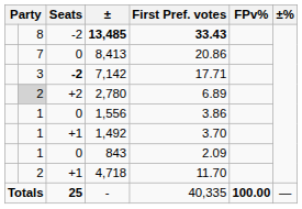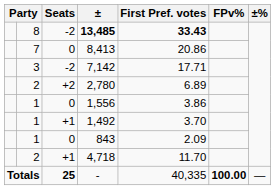 <table class=wikitable>
 <tr>
 <th colspan=2 align=center>Party</th>
 <th valign=top>Seats</th>
 <th valign=top>±</th>
 <th valign=top>First Pref. votes</th>
 <th valign=top>FPv%</th>
 <th valign=top>±%</th>
 </tr>
 <tr>
 <td></td>
 <td align=right>8</td>
 <td align=right>-2</td>
 <td align=right><strong>13,485</strong></td>
 <td align=right><strong>33.43</strong></td>
 <td align=right></td>
 </tr>
 <tr>
 <td></td>
 <td align=right>7</td>
 <td align=right>0</td>
 <td align=right>8,413</td>
 <td align=right>20.86</td>
 <td align=right></td>
 </tr>
 <tr>
 <td></td>
 <td align=right>3</td>
-<td align=right><strong>-2</strong></td>
+<td align=right>-2</td>
 <td align=right>7,142</td>
 <td align=right>17.71</td>
 <td align=right></td>
 </tr>
 <tr>
 <td></td>
-<td align=right style="background: lightgrey;">2</td>
+<td align=right>2</td>
 <td align=right>+2</td>
 <td align=right>2,780</td>
 <td align=right>6.89</td>
 <td align=right></td>
 </tr>
 <tr>
 <td></td>
 <td align=right>1</td>
 <td align=right>0</td>
 <td align=right>1,556</td>
 <td align=right>3.86</td>
 <td align=right></td>
 </tr>
 <tr>
 <td></td>
 <td align=right>1</td>
 <td align=right>+1</td>
 <td align=right>1,492</td>
 <td align=right>3.70</td>
 <td align=right></td>
 </tr>
 <tr>
 <td></td>
 <td align=right>1</td>
 <td align=right>0</td>
 <td align=right>843</td>
 <td align=right>2.09</td>
 <td align=right></td>
 </tr>
 <tr>
 <td></td>
 <td align=right>2</td>
 <td align=right>+1</td>
 <td align=right>4,718</td>
 <td align=right>11.70</td>
 <td align=right></td>
 </tr>
 <tr>
 <td colspan=2 align=center><strong>Totals</strong></td>
 <td align=right><strong>25</strong></td>
 <td align=center>-</td>
 <td align=right>40,335</td>
 <td align=center><strong>100.00</strong></td>
 <td align=center>—</td>
 </tr>
 </table>
